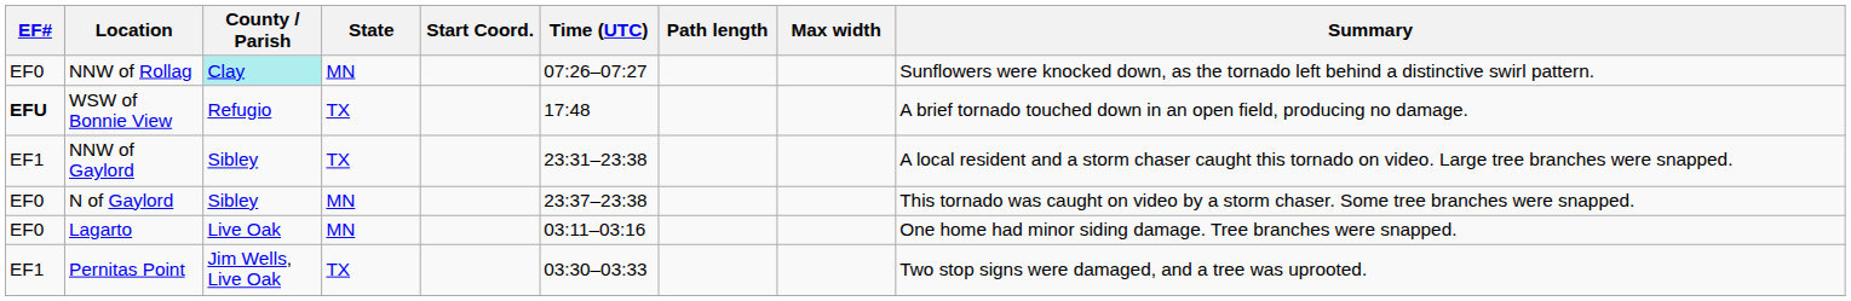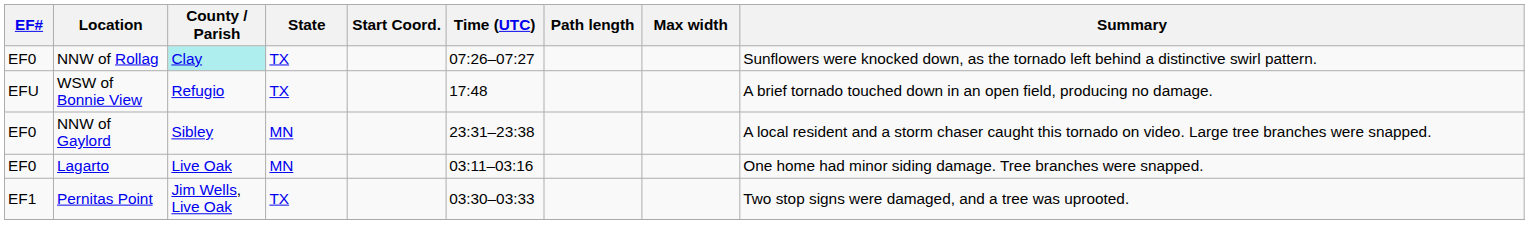 <table class="wikitable sortable" style="width:100%;">
 <tr>
 <th scope="col"  style="width:3%; text-align:center;"><a href='#'>EF#</a></th>
 <th scope="col"  style="width:7%; text-align:center;" class="unsortable">Location</th>
 <th scope="col"  style="width:6%; text-align:center;" class="unsortable">County / Parish</th>
 <th scope="col"  style="width:5%; text-align:center;">State</th>
 <th scope="col"  style="width:6%; text-align:center;">Start Coord.</th>
 <th scope="col"  style="width:6%; text-align:center;">Time (<a href='#'>UTC</a>)</th>
 <th scope="col"  style="width:6%; text-align:center;">Path length</th>
 <th scope="col"  style="width:6%; text-align:center;">Max width</th>
 <th scope="col" class="unsortable" style="width:48%; text-align:center;">Summary</th>
 </tr>
 <tr>
 <td>EF0</td>
 <td>NNW of <a href='#'>Rollag</a></td>
 <td style="background: paleturquoise;"><a href='#'>Clay</a></td>
-<td><a href='#'>MN</a></td>
+<td><a href='#'>TX</a></td>
 <td></td>
 <td>07:26–07:27</td>
 <td></td>
 <td></td>
 <td>Sunflowers were knocked down, as the tornado left behind a distinctive swirl pattern.</td>
 </tr>
 <tr>
-<td><strong>EFU</strong></td>
+<td>EFU</td>
 <td>WSW of <a href='#'>Bonnie View</a></td>
 <td><a href='#'>Refugio</a></td>
 <td><a href='#'>TX</a></td>
 <td></td>
 <td>17:48</td>
 <td></td>
 <td></td>
 <td>A brief tornado touched down in an open field, producing no damage.</td>
 </tr>
 <tr>
-<td>EF1</td>
+<td>EF0</td>
 <td>NNW of <a href='#'>Gaylord</a></td>
 <td><a href='#'>Sibley</a></td>
-<td><a href='#'>TX</a></td>
+<td><a href='#'>MN</a></td>
 <td></td>
 <td>23:31–23:38</td>
 <td></td>
 <td></td>
 <td>A local resident and a storm chaser caught this tornado on video. Large tree branches were snapped.</td>
-</tr>
-<tr>
-<td>EF0</td>
-<td>N of <a href='#'>Gaylord</a></td>
-<td><a href='#'>Sibley</a></td>
-<td><a href='#'>MN</a></td>
-<td></td>
-<td>23:37–23:38</td>
-<td></td>
-<td></td>
-<td>This tornado was caught on video by a storm chaser. Some tree branches were snapped.</td>
 </tr>
 <tr>
 <td>EF0</td>
 <td><a href='#'>Lagarto</a></td>
 <td><a href='#'>Live Oak</a></td>
 <td><a href='#'>MN</a></td>
 <td></td>
 <td>03:11–03:16</td>
 <td></td>
 <td></td>
 <td>One home had minor siding damage. Tree branches were snapped.</td>
 </tr>
 <tr>
 <td>EF1</td>
 <td><a href='#'>Pernitas Point</a></td>
 <td><a href='#'>Jim Wells</a>, <a href='#'>Live Oak</a></td>
 <td><a href='#'>TX</a></td>
 <td></td>
 <td>03:30–03:33</td>
 <td></td>
 <td></td>
 <td>Two stop signs were damaged, and a tree was uprooted.</td>
 </tr>
 <tr>
 </tr>
 </table>
